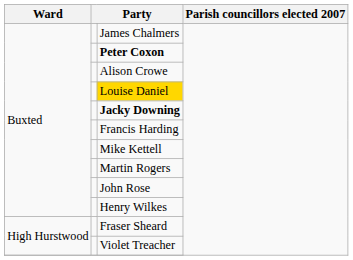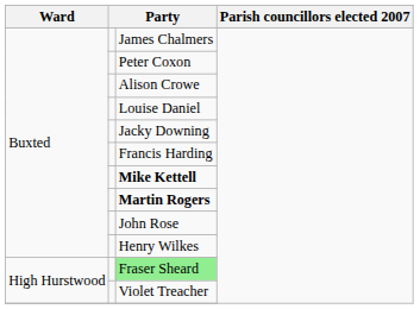 <table class="wikitable">
 <tr>
 <th>Ward</th>
 <th colspan=2>Party</th>
 <th>Parish councillors elected 2007</th>
 </tr>
 <tr>
 <td rowspan="10">Buxted</td>
 <td></td>
 <td>James Chalmers</td>
 </tr>
 <tr>
 <td></td>
-<td><strong>Peter Coxon</strong></td>
+<td>Peter Coxon</td>
 </tr>
 <tr>
 <td></td>
 <td>Alison Crowe</td>
 </tr>
 <tr>
 <td></td>
-<td style="background: gold;">Louise Daniel</td>
+<td>Louise Daniel</td>
 </tr>
 <tr>
 <td></td>
-<td><strong>Jacky Downing</strong></td>
+<td>Jacky Downing</td>
 </tr>
 <tr>
 <td></td>
 <td>Francis Harding</td>
 </tr>
 <tr>
 <td></td>
-<td>Mike Kettell</td>
+<td><strong>Mike Kettell</strong></td>
 </tr>
 <tr>
 <td></td>
-<td>Martin Rogers</td>
+<td><strong>Martin Rogers</strong></td>
 </tr>
 <tr>
 <td></td>
 <td>John Rose</td>
 </tr>
 <tr>
 <td></td>
 <td>Henry Wilkes</td>
 </tr>
 <tr>
 <td rowspan="2">High Hurstwood</td>
 <td></td>
-<td>Fraser Sheard</td>
+<td style="background: lightgreen;">Fraser Sheard</td>
 </tr>
 <tr>
 <td></td>
 <td>Violet Treacher</td>
 </tr>
 <tr>
 </tr>
 </table>
